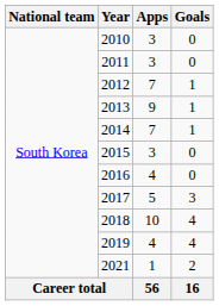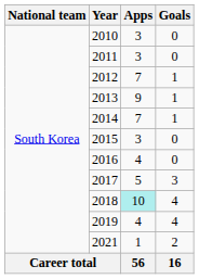 <table class="wikitable" style="text-align:center">
 <tr>
 <th>National team</th>
 <th>Year</th>
 <th>Apps</th>
 <th>Goals</th>
 </tr>
 <tr>
 <td rowspan="11"><a href='#'>South Korea</a></td>
 <td>2010</td>
 <td>3</td>
 <td>0</td>
 </tr>
 <tr>
 <td>2011</td>
 <td>3</td>
 <td>0</td>
 </tr>
 <tr>
 <td>2012</td>
 <td>7</td>
 <td>1</td>
 </tr>
 <tr>
 <td>2013</td>
 <td>9</td>
 <td>1</td>
 </tr>
 <tr>
 <td>2014</td>
 <td>7</td>
 <td>1</td>
 </tr>
 <tr>
 <td>2015</td>
 <td>3</td>
 <td>0</td>
 </tr>
 <tr>
 <td>2016</td>
 <td>4</td>
 <td>0</td>
 </tr>
 <tr>
 <td>2017</td>
 <td>5</td>
 <td>3</td>
 </tr>
 <tr>
 <td>2018</td>
-<td>10</td>
+<td style="background: paleturquoise;">10</td>
 <td>4</td>
 </tr>
 <tr>
 <td>2019</td>
 <td>4</td>
 <td>4</td>
 </tr>
 <tr>
 <td>2021</td>
 <td>1</td>
 <td>2</td>
 </tr>
 <tr>
 <th colspan="2">Career total</th>
 <th>56</th>
 <th>16</th>
 </tr>
 </table>
